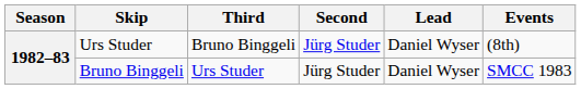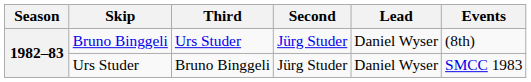 <table class="wikitable">
 <tr>
 <th scope="col" width=60>Season</th>
 <th scope="col">Skip</th>
 <th scope="col">Third</th>
 <th scope="col">Second</th>
 <th scope="col">Lead</th>
 <th scope="col">Events</th>
 </tr>
 <tr>
 <th scope="row" rowspan="2">1982–83</th>
-<td>Urs Studer</td>
-<td>Bruno Binggeli</td>
+<td><a href='#'>Bruno Binggeli</a></td>
+<td><a href='#'>Urs Studer</a></td>
 <td><a href='#'>Jürg Studer</a></td>
 <td>Daniel Wyser</td>
 <td> (8th)</td>
 </tr>
 <tr>
-<td><a href='#'>Bruno Binggeli</a></td>
-<td><a href='#'>Urs Studer</a></td>
+<td>Urs Studer</td>
+<td>Bruno Binggeli</td>
 <td>Jürg Studer</td>
 <td>Daniel Wyser</td>
 <td><a href='#'>SMCC</a> 1983 </td>
 </tr>
 </table>
